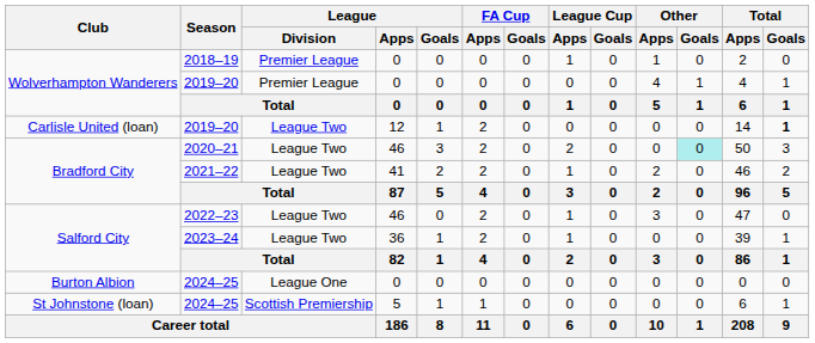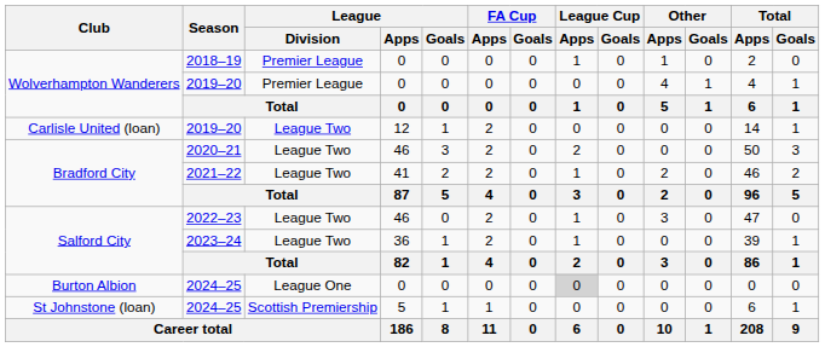 <table class="wikitable" Style="text-align:center">
 <tr>
 <th rowspan="2">Club</th>
 <th rowspan="2">Season</th>
 <th colspan="3">League</th>
 <th colspan="2"><a href='#'>FA Cup</a></th>
 <th colspan="2">League Cup</th>
 <th colspan="2">Other</th>
 <th colspan="2">Total</th>
 </tr>
 <tr>
 <th>Division</th>
 <th>Apps</th>
 <th>Goals</th>
 <th>Apps</th>
 <th>Goals</th>
 <th>Apps</th>
 <th>Goals</th>
 <th>Apps</th>
 <th>Goals</th>
 <th>Apps</th>
 <th>Goals</th>
 </tr>
 <tr>
 <td rowspan=3><a href='#'>Wolverhampton Wanderers</a></td>
 <td><a href='#'>2018–19</a></td>
 <td><a href='#'>Premier League</a></td>
 <td>0</td>
 <td>0</td>
 <td>0</td>
 <td>0</td>
 <td>1</td>
 <td>0</td>
 <td>1</td>
 <td>0</td>
 <td>2</td>
 <td>0</td>
 </tr>
 <tr>
 <td><a href='#'>2019–20</a></td>
 <td>Premier League</td>
 <td>0</td>
 <td>0</td>
 <td>0</td>
 <td>0</td>
 <td>0</td>
 <td>0</td>
 <td>4</td>
 <td>1</td>
 <td>4</td>
 <td>1</td>
 </tr>
 <tr>
 <th colspan="2">Total</th>
 <th>0</th>
 <th>0</th>
 <th>0</th>
 <th>0</th>
 <th>1</th>
 <th>0</th>
 <th>5</th>
 <th>1</th>
 <th>6</th>
 <th>1</th>
 </tr>
 <tr>
 <td><a href='#'>Carlisle United</a> (loan)</td>
 <td><a href='#'>2019–20</a></td>
 <td><a href='#'>League Two</a></td>
 <td>12</td>
 <td>1</td>
 <td>2</td>
 <td>0</td>
 <td>0</td>
 <td>0</td>
 <td>0</td>
 <td>0</td>
 <td>14</td>
-<td><strong>1</strong></td>
+<td>1</td>
 </tr>
 <tr>
 <td rowspan=3><a href='#'>Bradford City</a></td>
 <td><a href='#'>2020–21</a></td>
 <td>League Two</td>
 <td>46</td>
 <td>3</td>
 <td>2</td>
 <td>0</td>
 <td>2</td>
 <td>0</td>
 <td>0</td>
-<td style="background: paleturquoise;">0</td>
+<td>0</td>
 <td>50</td>
 <td>3</td>
 </tr>
 <tr>
 <td><a href='#'>2021–22</a></td>
 <td>League Two</td>
 <td>41</td>
 <td>2</td>
 <td>2</td>
 <td>0</td>
 <td>1</td>
 <td>0</td>
 <td>2</td>
 <td>0</td>
 <td>46</td>
 <td>2</td>
 </tr>
 <tr>
 <th colspan="2">Total</th>
 <th>87</th>
 <th>5</th>
 <th>4</th>
 <th>0</th>
 <th>3</th>
 <th>0</th>
 <th>2</th>
 <th>0</th>
 <th>96</th>
 <th>5</th>
 </tr>
 <tr>
 <td rowspan=3><a href='#'>Salford City</a></td>
 <td><a href='#'>2022–23</a></td>
 <td>League Two</td>
 <td>46</td>
 <td>0</td>
 <td>2</td>
 <td>0</td>
 <td>1</td>
 <td>0</td>
 <td>3</td>
 <td>0</td>
 <td>47</td>
 <td>0</td>
 </tr>
 <tr>
 <td><a href='#'>2023–24</a></td>
 <td>League Two</td>
 <td>36</td>
 <td>1</td>
 <td>2</td>
 <td>0</td>
 <td>1</td>
 <td>0</td>
 <td>0</td>
 <td>0</td>
 <td>39</td>
 <td>1</td>
 </tr>
 <tr>
 <th colspan="2">Total</th>
 <th>82</th>
 <th>1</th>
 <th>4</th>
 <th>0</th>
 <th>2</th>
 <th>0</th>
 <th>3</th>
 <th>0</th>
 <th>86</th>
 <th>1</th>
 </tr>
 <tr>
 <td><a href='#'>Burton Albion</a></td>
 <td><a href='#'>2024–25</a></td>
 <td>League One</td>
 <td>0</td>
 <td>0</td>
 <td>0</td>
 <td>0</td>
-<td>0</td>
+<td style="background: lightgrey;">0</td>
 <td>0</td>
 <td>0</td>
 <td>0</td>
 <td>0</td>
 <td>0</td>
 </tr>
 <tr>
 <td><a href='#'>St Johnstone</a> (loan)</td>
 <td><a href='#'>2024–25</a></td>
 <td><a href='#'>Scottish Premiership</a></td>
 <td>5</td>
 <td>1</td>
 <td>1</td>
 <td>0</td>
 <td>0</td>
 <td>0</td>
 <td>0</td>
 <td>0</td>
 <td>6</td>
 <td>1</td>
 </tr>
 <tr>
 <th colspan="3">Career total</th>
 <th>186</th>
 <th>8</th>
 <th>11</th>
 <th>0</th>
 <th>6</th>
 <th>0</th>
 <th>10</th>
 <th>1</th>
 <th>208</th>
 <th>9</th>
 </tr>
 </table>
